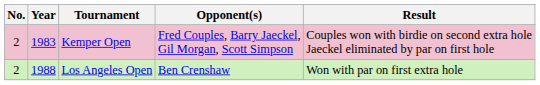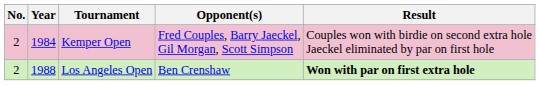 <table class="wikitable" style="font-size:95%;">
 <tr>
 <th>No.</th>
 <th>Year</th>
 <th>Tournament</th>
 <th>Opponent(s)</th>
 <th>Result</th>
 </tr>
 <tr style="background:#F2C1D1;">
 <td align=center>2</td>
-<td><a href='#'>1983</a></td>
+<td><a href='#'>1984</a></td>
 <td><a href='#'>Kemper Open</a></td>
 <td> <a href='#'>Fred Couples</a>,  <a href='#'>Barry Jaeckel</a>,<br> <a href='#'>Gil Morgan</a>,  <a href='#'>Scott Simpson</a></td>
 <td>Couples won with birdie on second extra hole<br>Jaeckel eliminated by par on first hole</td>
 </tr>
 <tr style="background:#D0F0C0">
 <td align=center>2</td>
 <td><a href='#'>1988</a></td>
 <td><a href='#'>Los Angeles Open</a></td>
 <td> <a href='#'>Ben Crenshaw</a></td>
-<td>Won with par on first extra hole</td>
+<td><strong>Won with par on first extra hole</strong></td>
 </tr>
 </table>
